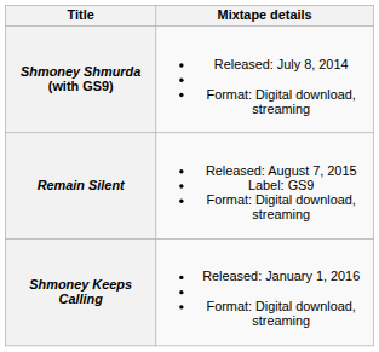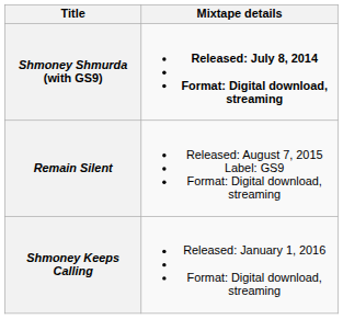 <table class="wikitable plainrowheaders" style="text-align:center;">
 <tr>
 <th scope="col" style="width:11em;">Title</th>
 <th scope="col" style="width:16em;">Mixtape details</th>
 </tr>
 <tr>
 <th scope="row"><em>Shmoney Shmurda</em> (with GS9)</th>
-<td><br><ul><li>Released: July 8, 2014</li><li></li><li>Format: Digital download, streaming</li></ul></td>
+<td><strong><br><ul><li>Released: July 8, 2014</li><li></li><li>Format: Digital download, streaming</li></ul></strong></td>
 </tr>
 <tr>
 <th scope="row"><em>Remain Silent</em></th>
 <td><br><ul><li>Released: August 7, 2015</li><li>Label: GS9</li><li>Format: Digital download, streaming</li></ul></td>
 </tr>
 <tr>
 <th scope="row"><em>Shmoney Keeps Calling</em></th>
 <td><br><ul><li>Released: January 1, 2016</li><li></li><li>Format: Digital download, streaming</li></ul></td>
 </tr>
 </table>
